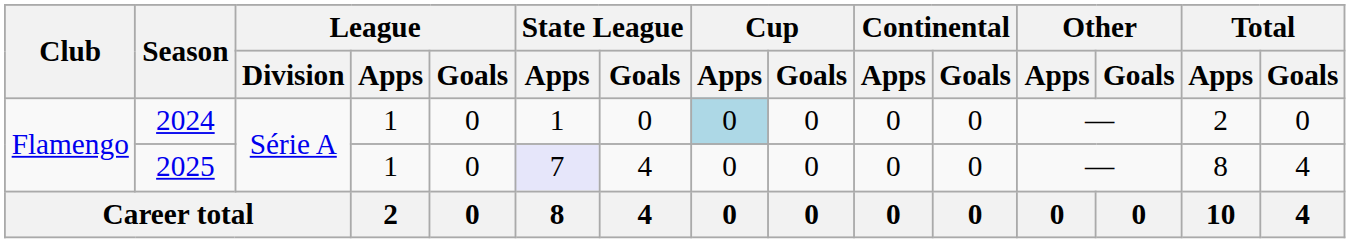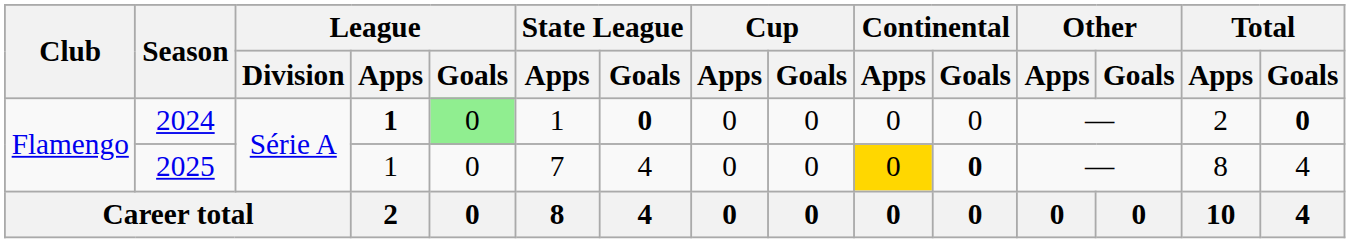 <table class="wikitable" style="text-align: center">
 <tr>
 <th rowspan="2">Club</th>
 <th rowspan="2">Season</th>
 <th colspan="3">League</th>
 <th colspan="2">State League</th>
 <th colspan="2">Cup</th>
 <th colspan="2">Continental</th>
 <th colspan="2">Other</th>
 <th colspan="2">Total</th>
 </tr>
 <tr>
 <th>Division</th>
 <th>Apps</th>
 <th>Goals</th>
 <th>Apps</th>
 <th>Goals</th>
 <th>Apps</th>
 <th>Goals</th>
 <th>Apps</th>
 <th>Goals</th>
 <th>Apps</th>
 <th>Goals</th>
 <th>Apps</th>
 <th>Goals</th>
 </tr>
 <tr>
 <td rowspan="2"><a href='#'>Flamengo</a></td>
 <td><a href='#'>2024</a></td>
 <td rowspan="2"><a href='#'>Série A</a></td>
+<td><strong>1</strong></td>
+<td style="background: lightgreen;">0</td>
 <td>1</td>
+<td><strong>0</strong></td>
 <td>0</td>
-<td>1</td>
-<td>0</td>
-<td style="background: lightblue;">0</td>
 <td>0</td>
 <td>0</td>
 <td>0</td>
 <td colspan="2">—</td>
 <td>2</td>
-<td>0</td>
+<td><strong>0</strong></td>
 </tr>
 <tr>
 <td><a href='#'>2025</a></td>
 <td>1</td>
 <td>0</td>
-<td style="background: lavender;">7</td>
+<td>7</td>
 <td>4</td>
 <td>0</td>
 <td>0</td>
-<td>0</td>
-<td>0</td>
+<td style="background: gold;">0</td>
+<td><strong>0</strong></td>
 <td colspan="2">—</td>
 <td>8</td>
 <td>4</td>
 </tr>
 <tr>
 <th colspan="3">Career total</th>
 <th>2</th>
 <th>0</th>
 <th>8</th>
 <th>4</th>
 <th>0</th>
 <th>0</th>
 <th>0</th>
 <th>0</th>
 <th>0</th>
 <th>0</th>
 <th>10</th>
 <th>4</th>
 </tr>
 </table>
